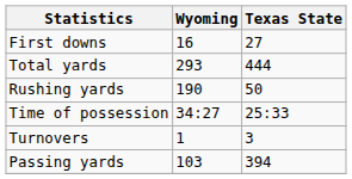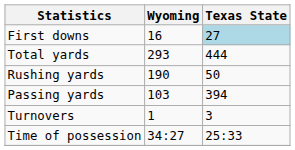 <table class="wikitable" style="float: right;">
 <tr>
 <th>Statistics</th>
 <th>Wyoming</th>
 <th>Texas State</th>
 </tr>
 <tr>
 <td>First downs</td>
 <td>16</td>
-<td>27</td>
+<td style="background: lightblue;">27</td>
 </tr>
 <tr>
 <td>Total yards</td>
 <td>293</td>
 <td>444</td>
 </tr>
 <tr>
 <td>Rushing yards</td>
 <td>190</td>
 <td>50</td>
 </tr>
 <tr>
-<td>Time of possession</td>
-<td>34:27</td>
-<td>25:33</td>
+<td>Passing yards</td>
+<td>103</td>
+<td>394</td>
 </tr>
 <tr>
 <td>Turnovers</td>
 <td>1</td>
 <td>3</td>
 </tr>
 <tr>
-<td>Passing yards</td>
-<td>103</td>
-<td>394</td>
+<td>Time of possession</td>
+<td>34:27</td>
+<td>25:33</td>
 </tr>
 <tr>
 </tr>
 </table>
